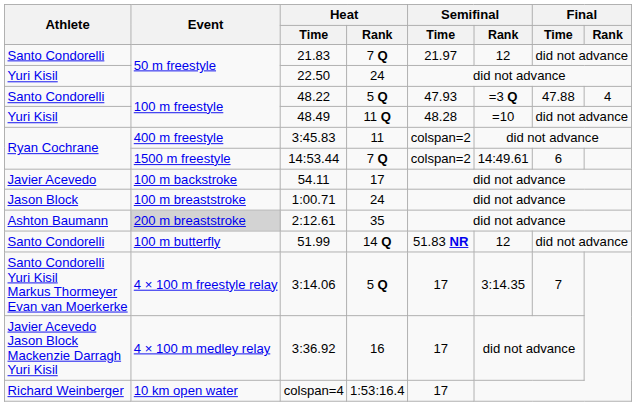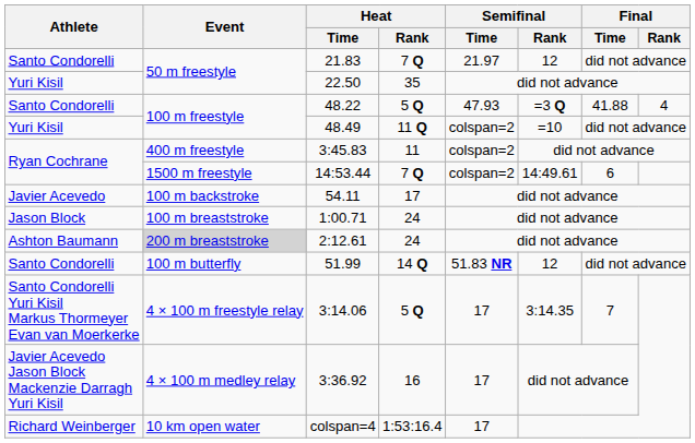 <table class=wikitable style="font-size:90%">
 <tr>
 <th rowspan="2">Athlete</th>
 <th rowspan="2">Event</th>
 <th colspan="2">Heat</th>
 <th colspan="2">Semifinal</th>
 <th colspan="2">Final</th>
 </tr>
 <tr style="font-size:95%">
 <th>Time</th>
 <th>Rank</th>
 <th>Time</th>
 <th>Rank</th>
 <th>Time</th>
 <th>Rank</th>
 </tr>
 <tr align=center>
 <td align=left><a href='#'>Santo Condorelli</a></td>
 <td align=left rowspan=2><a href='#'>50 m freestyle</a></td>
 <td>21.83</td>
 <td>7 <strong>Q</strong></td>
 <td>21.97</td>
 <td>12</td>
 <td colspan=2>did not advance</td>
 </tr>
 <tr align=center>
 <td align=left><a href='#'>Yuri Kisil</a></td>
 <td>22.50</td>
-<td>24</td>
+<td>35</td>
 <td colspan=4>did not advance</td>
 </tr>
 <tr align=center>
 <td align=left><a href='#'>Santo Condorelli</a></td>
 <td align=left rowspan=2><a href='#'>100 m freestyle</a></td>
 <td>48.22</td>
 <td>5 <strong>Q</strong></td>
 <td>47.93</td>
 <td>=3 <strong>Q</strong></td>
-<td>47.88</td>
+<td>41.88</td>
 <td>4</td>
 </tr>
 <tr align=center>
 <td align=left><a href='#'>Yuri Kisil</a></td>
 <td>48.49</td>
 <td>11 <strong>Q</strong></td>
-<td>48.28</td>
+<td>colspan=2 </td>
 <td>=10</td>
 <td colspan="2">did not advance</td>
 </tr>
 <tr align=center>
 <td align=left rowspan="2"><a href='#'>Ryan Cochrane</a></td>
 <td align=left><a href='#'>400 m freestyle</a></td>
 <td>3:45.83</td>
 <td>11</td>
 <td>colspan=2 </td>
 <td colspan=3>did not advance</td>
 </tr>
 <tr align=center>
 <td align=left><a href='#'>1500 m freestyle</a></td>
 <td>14:53.44</td>
 <td>7 <strong>Q</strong></td>
 <td>colspan=2 </td>
 <td>14:49.61</td>
 <td>6</td>
 </tr>
 <tr align=center>
 <td align=left><a href='#'>Javier Acevedo</a></td>
 <td align=left><a href='#'>100 m backstroke</a></td>
 <td>54.11</td>
 <td>17</td>
 <td colspan=4>did not advance</td>
 </tr>
 <tr align=center>
 <td align=left><a href='#'>Jason Block</a></td>
 <td align=left><a href='#'>100 m breaststroke</a></td>
 <td>1:00.71</td>
 <td>24</td>
 <td colspan=4>did not advance</td>
 </tr>
 <tr align=center>
 <td align=left><a href='#'>Ashton Baumann</a></td>
 <td align=left style="background: lightgrey;"><a href='#'>200 m breaststroke</a></td>
 <td>2:12.61</td>
-<td>35</td>
+<td>24</td>
 <td colspan=4>did not advance</td>
 </tr>
 <tr align=center>
 <td align=left><a href='#'>Santo Condorelli</a></td>
 <td align=left><a href='#'>100 m butterfly</a></td>
 <td>51.99</td>
 <td>14 <strong>Q</strong></td>
 <td>51.83 <strong><a href='#'>NR</a></strong></td>
 <td>12</td>
 <td colspan=2>did not advance</td>
 </tr>
 <tr align=center>
 <td align=left><a href='#'>Santo Condorelli</a><br><a href='#'>Yuri Kisil</a><br><a href='#'>Markus Thormeyer</a><br><a href='#'>Evan van Moerkerke</a></td>
 <td align=left><a href='#'>4 × 100 m freestyle relay</a></td>
 <td>3:14.06</td>
 <td>5 <strong>Q</strong></td>
 <td>17</td>
 <td>3:14.35</td>
 <td>7</td>
 </tr>
 <tr align=center>
 <td align=left><a href='#'>Javier Acevedo</a><br><a href='#'>Jason Block</a><br><a href='#'>Mackenzie Darragh</a><br><a href='#'>Yuri Kisil</a></td>
 <td align=left><a href='#'>4 × 100 m medley relay</a></td>
 <td>3:36.92</td>
 <td>16</td>
 <td>17</td>
 <td colspan=2>did not advance</td>
 </tr>
 <tr align=center>
 <td align=left><a href='#'>Richard Weinberger</a></td>
 <td align=left><a href='#'>10 km open water</a></td>
 <td>colspan=4 </td>
 <td>1:53:16.4</td>
 <td>17</td>
 </tr>
 </table>
